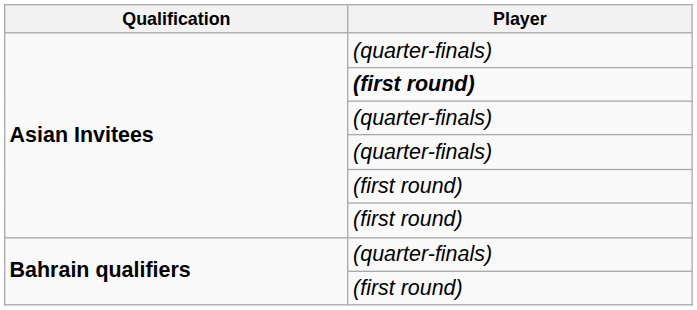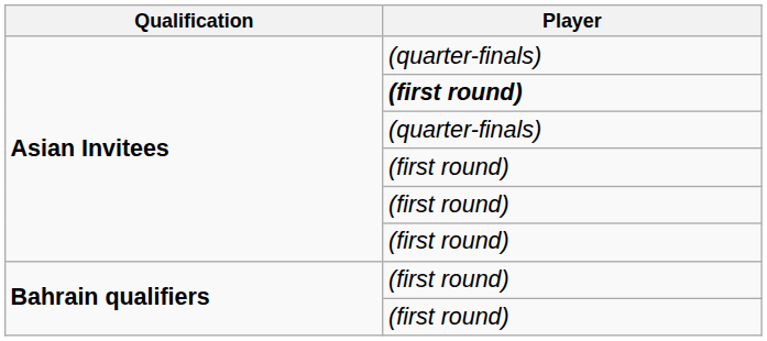 <table class="wikitable">
 <tr style="font-size:10pt;font-weight:bold">
 <th width="250">Qualification</th>
 <th width="250">Player</th>
 </tr>
 <tr>
 <td rowspan="6"><strong>Asian Invitees</strong></td>
 <td> <em>(quarter-finals)</em></td>
 </tr>
 <tr>
 <td><strong> <em>(first round)</em></strong></td>
 </tr>
 <tr>
 <td> <em>(quarter-finals)</em></td>
 </tr>
 <tr>
-<td> <em>(quarter-finals)</em></td>
+<td> <em>(first round)</em></td>
 </tr>
 <tr>
 <td> <em>(first round)</em></td>
 </tr>
 <tr>
 <td> <em>(first round)</em></td>
 </tr>
 <tr>
 <td rowspan="2"><strong>Bahrain qualifiers</strong></td>
-<td> <em>(quarter-finals)</em></td>
+<td> <em>(first round)</em></td>
 </tr>
 <tr>
 <td> <em>(first round)</em></td>
 </tr>
 </table>
